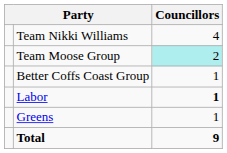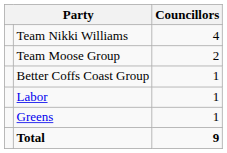 <table class="wikitable">
 <tr>
 <th colspan="2">Party</th>
 <th>Councillors</th>
 </tr>
 <tr>
 <td> </td>
 <td>Team Nikki Williams</td>
 <td align=right>4</td>
 </tr>
 <tr>
 <td> </td>
 <td>Team Moose Group</td>
-<td align=right style="background: paleturquoise;">2</td>
+<td align=right>2</td>
 </tr>
 <tr>
 <td> </td>
 <td>Better Coffs Coast Group</td>
 <td align=right>1</td>
 </tr>
 <tr>
 <td> </td>
 <td><a href='#'>Labor</a></td>
-<td align=right><strong>1</strong></td>
+<td align=right>1</td>
 </tr>
 <tr>
 <td> </td>
 <td><a href='#'>Greens</a></td>
 <td align=right>1</td>
 </tr>
 <tr>
 <td></td>
 <td><strong>Total</strong></td>
 <td align=right><strong>9</strong></td>
 </tr>
 </table>
